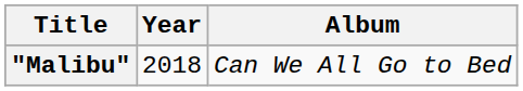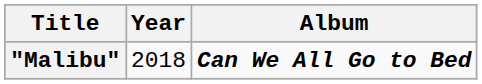 <table class="wikitable plainrowheaders" style="text-align:center;">
 <tr>
 <th scope="col">Title</th>
 <th scope="col">Year</th>
 <th scope="col">Album</th>
 </tr>
 <tr>
 <th scope="row">"Malibu"<br></th>
 <td>2018</td>
-<td><em>Can We All Go to Bed</em></td>
+<td><strong><em>Can We All Go to Bed</em></strong></td>
 </tr>
 </table>
